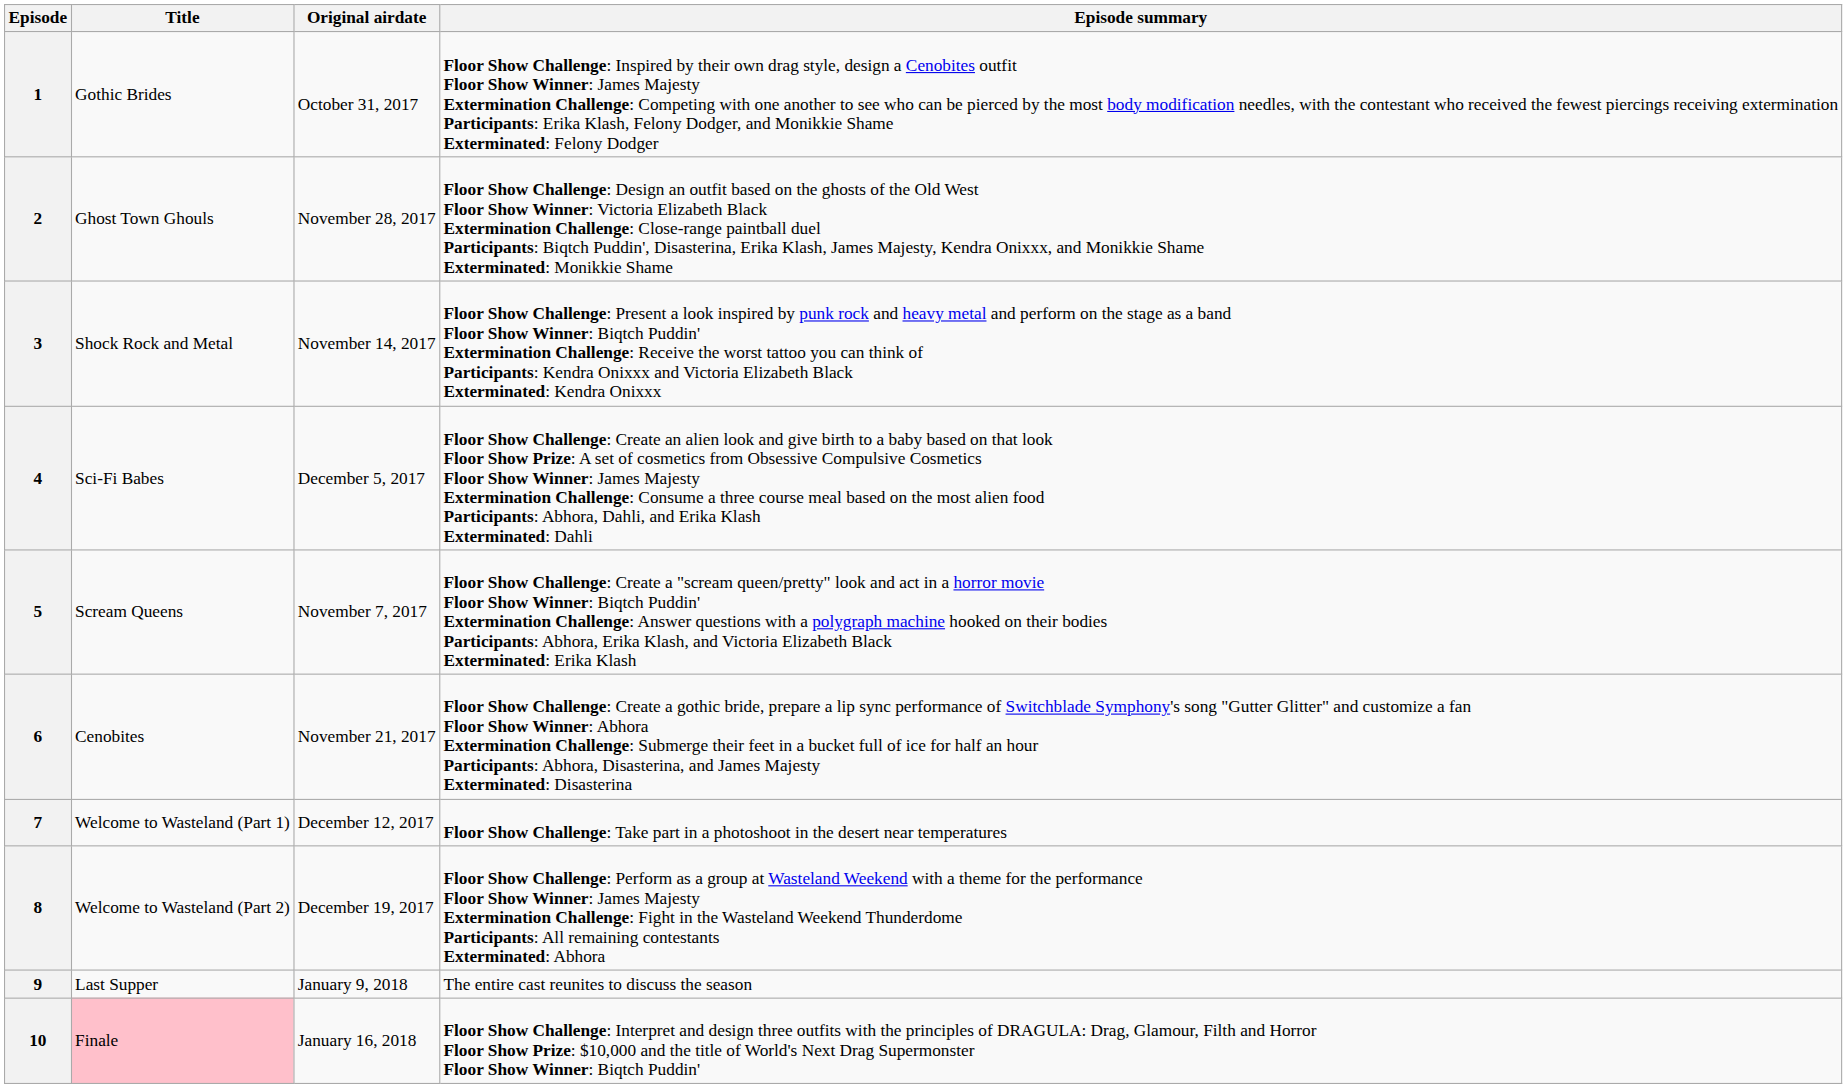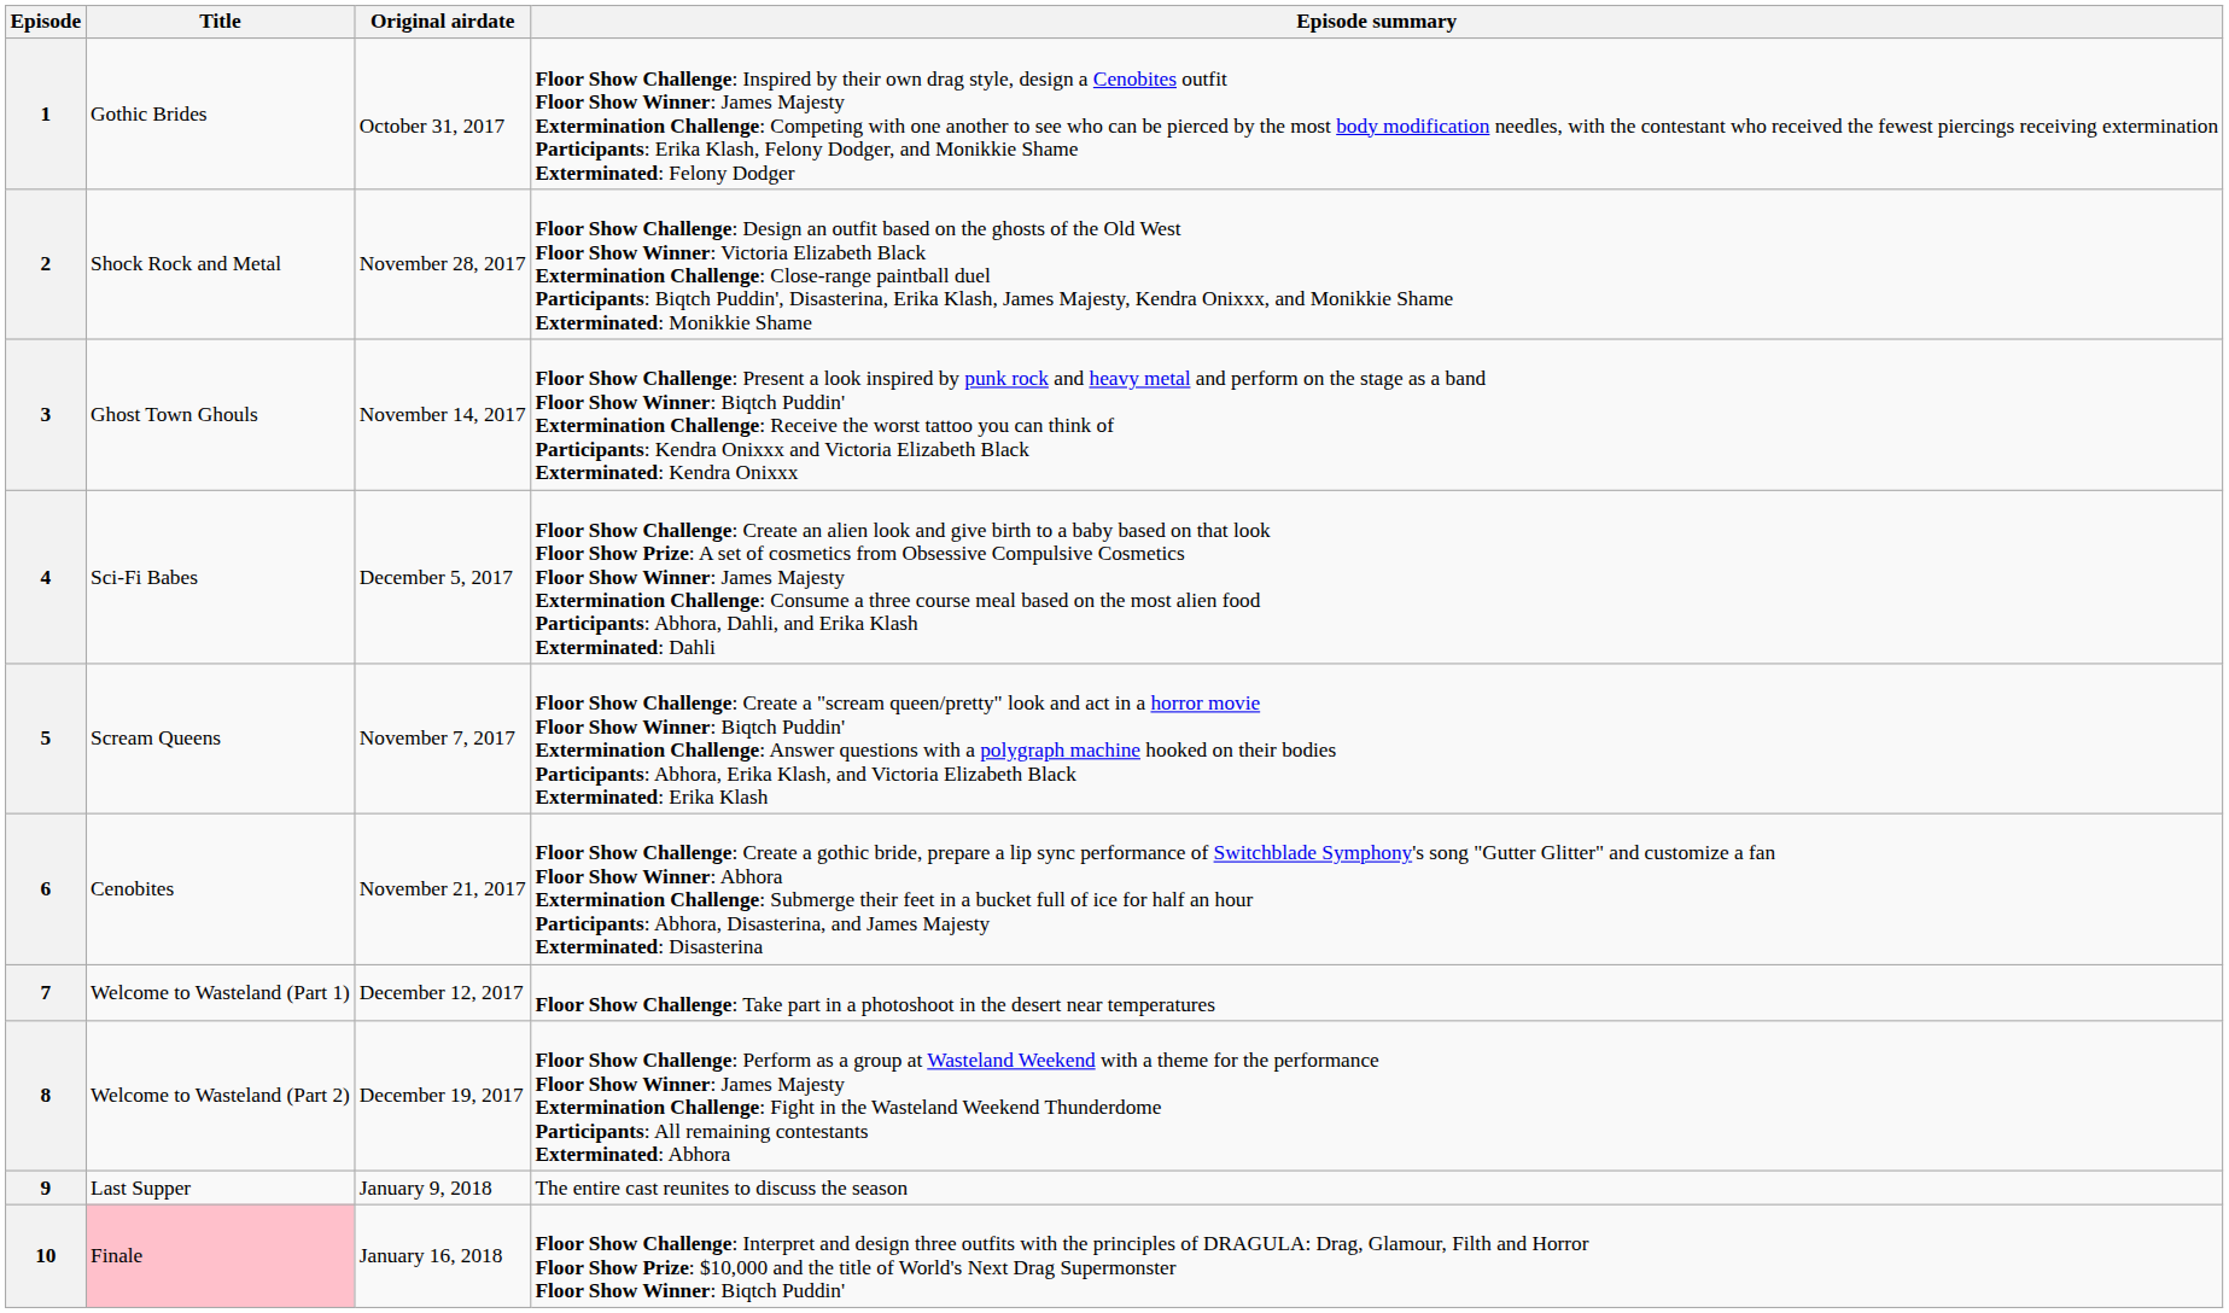 <table class="wikitable">
 <tr>
 <th nowrap>Episode</th>
 <th nowrap>Title</th>
 <th nowrap>Original airdate</th>
 <th nowrap>Episode summary</th>
 </tr>
 <tr>
 <th>1</th>
 <td>Gothic Brides</td>
 <td><br>October 31, 2017</td>
 <td><br><strong>Floor Show Challenge</strong>: Inspired by their own drag style, design a <a href='#'>Cenobites</a> outfit<br> <span><strong>Floor Show Winner</strong>: James Majesty</span><br><strong>Extermination Challenge</strong>: Competing with one another to see who can be pierced by the most <a href='#'>body modification</a> needles, with the contestant who received the fewest piercings receiving extermination<br> <strong>Participants</strong>: Erika Klash, Felony Dodger, and Monikkie Shame<br> <span><strong>Exterminated</strong>: Felony Dodger</span></td>
 </tr>
 <tr>
 <th>2</th>
-<td>Ghost Town Ghouls</td>
+<td>Shock Rock and Metal</td>
 <td>November 28, 2017</td>
 <td><br><strong>Floor Show Challenge</strong>: Design an outfit based on the ghosts of the Old West<br> <span><strong>Floor Show Winner</strong>: Victoria Elizabeth Black</span><br><strong>Extermination Challenge</strong>: Close-range paintball duel<br> <strong>Participants</strong>: Biqtch Puddin', Disasterina, Erika Klash, James Majesty, Kendra Onixxx, and Monikkie Shame<br> <span><strong>Exterminated</strong>: Monikkie Shame</span></td>
 </tr>
 <tr>
 <th>3</th>
-<td>Shock Rock and Metal</td>
+<td>Ghost Town Ghouls</td>
 <td>November 14, 2017</td>
 <td><br><strong>Floor Show Challenge</strong>: Present a look inspired by <a href='#'>punk rock</a> and <a href='#'>heavy metal</a> and perform on the stage as a band<br> <span><strong>Floor Show Winner</strong>: Biqtch Puddin'</span><br><strong>Extermination Challenge</strong>: Receive the worst tattoo you can think of<br> <strong>Participants</strong>: Kendra Onixxx and Victoria Elizabeth Black<br> <span><strong>Exterminated</strong>: Kendra Onixxx</span></td>
 </tr>
 <tr>
 <th>4</th>
 <td>Sci-Fi Babes</td>
 <td>December 5, 2017</td>
 <td><br><strong>Floor Show Challenge</strong>: Create an alien look and give birth to a baby based on that look<br> <strong>Floor Show Prize</strong>: A set of cosmetics from Obsessive Compulsive Cosmetics<br> <span><strong>Floor Show Winner</strong>: James Majesty</span><br><strong>Extermination Challenge</strong>: Consume a three course meal based on the most alien food<br> <strong>Participants</strong>: Abhora, Dahli, and Erika Klash<br> <span><strong>Exterminated</strong>: Dahli</span></td>
 </tr>
 <tr>
 <th>5</th>
 <td>Scream Queens</td>
 <td>November 7, 2017</td>
 <td><br><strong>Floor Show Challenge</strong>: Create a "scream queen/pretty" look and act in a <a href='#'>horror movie</a><br> <span><strong>Floor Show Winner</strong>: Biqtch Puddin'</span><br><strong>Extermination Challenge</strong>: Answer questions with a <a href='#'>polygraph machine</a> hooked on their bodies<br> <strong>Participants</strong>: Abhora, Erika Klash, and Victoria Elizabeth Black<br> <span><strong>Exterminated</strong>: Erika Klash</span></td>
 </tr>
 <tr>
 <th>6</th>
 <td>Cenobites</td>
 <td>November 21, 2017</td>
 <td><br><strong>Floor Show Challenge</strong>: Create a gothic bride, prepare a lip sync performance of <a href='#'>Switchblade Symphony</a>'s song "Gutter Glitter" and customize a fan<br> <span><strong>Floor Show Winner</strong>: Abhora</span><br><strong>Extermination Challenge</strong>: Submerge their feet in a bucket full of ice for half an hour<br> <strong>Participants</strong>: Abhora, Disasterina, and James Majesty<br> <span><strong>Exterminated</strong>: Disasterina</span></td>
 </tr>
 <tr>
 <th>7</th>
 <td>Welcome to Wasteland (Part 1)</td>
 <td>December 12, 2017</td>
 <td><br><strong>Floor Show Challenge</strong>: Take part in a photoshoot in the desert near  temperatures</td>
 </tr>
 <tr>
 <th>8</th>
 <td>Welcome to Wasteland (Part 2)</td>
 <td>December 19, 2017</td>
 <td><br><strong>Floor Show Challenge</strong>: Perform as a group at <a href='#'>Wasteland Weekend</a> with a theme for the performance<br> <span><strong>Floor Show Winner</strong>: James Majesty</span><br><strong>Extermination Challenge</strong>: Fight in the Wasteland Weekend Thunderdome<br> <strong>Participants</strong>: All remaining contestants<br> <span><strong>Exterminated</strong>: Abhora</span></td>
 </tr>
 <tr>
 <th>9</th>
 <td>Last Supper</td>
 <td>January 9, 2018</td>
 <td>The entire cast reunites to discuss the season</td>
 </tr>
 <tr>
 <th>10</th>
 <td style="background: pink;">Finale</td>
 <td>January 16, 2018</td>
 <td><br><strong>Floor Show Challenge</strong>: Interpret and design three outfits with the principles of DRAGULA: Drag, Glamour, Filth and Horror<br> <strong>Floor Show Prize</strong>: $10,000 and the title of World's Next Drag Supermonster<br> <span><strong>Floor Show Winner</strong>: Biqtch Puddin'</span><br></td>
 </tr>
 </table>
